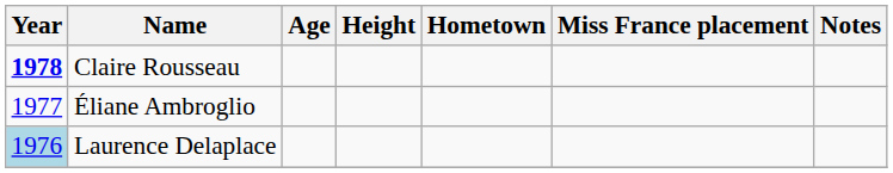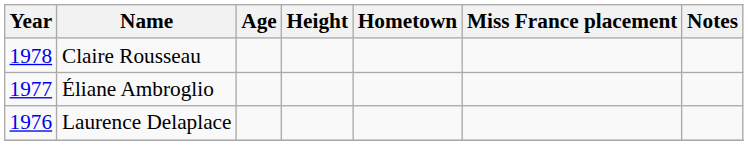 <table class="wikitable sortable">
 <tr>
 <th>Year</th>
 <th>Name</th>
 <th>Age</th>
 <th>Height</th>
 <th>Hometown</th>
 <th>Miss France placement</th>
 <th>Notes</th>
 </tr>
 <tr>
-<td><strong><a href='#'>1978</a></strong></td>
+<td><a href='#'>1978</a></td>
 <td>Claire Rousseau</td>
 <td></td>
 <td></td>
 <td></td>
 <td></td>
 <td></td>
 </tr>
 <tr>
 <td><a href='#'>1977</a></td>
 <td>Éliane Ambroglio</td>
 <td></td>
 <td></td>
 <td></td>
 <td></td>
 <td></td>
 </tr>
 <tr>
-<td style="background: lightblue;"><a href='#'>1976</a></td>
+<td><a href='#'>1976</a></td>
 <td>Laurence Delaplace</td>
 <td></td>
 <td></td>
 <td></td>
 <td></td>
 <td></td>
 </tr>
 <tr>
 </tr>
 </table>
